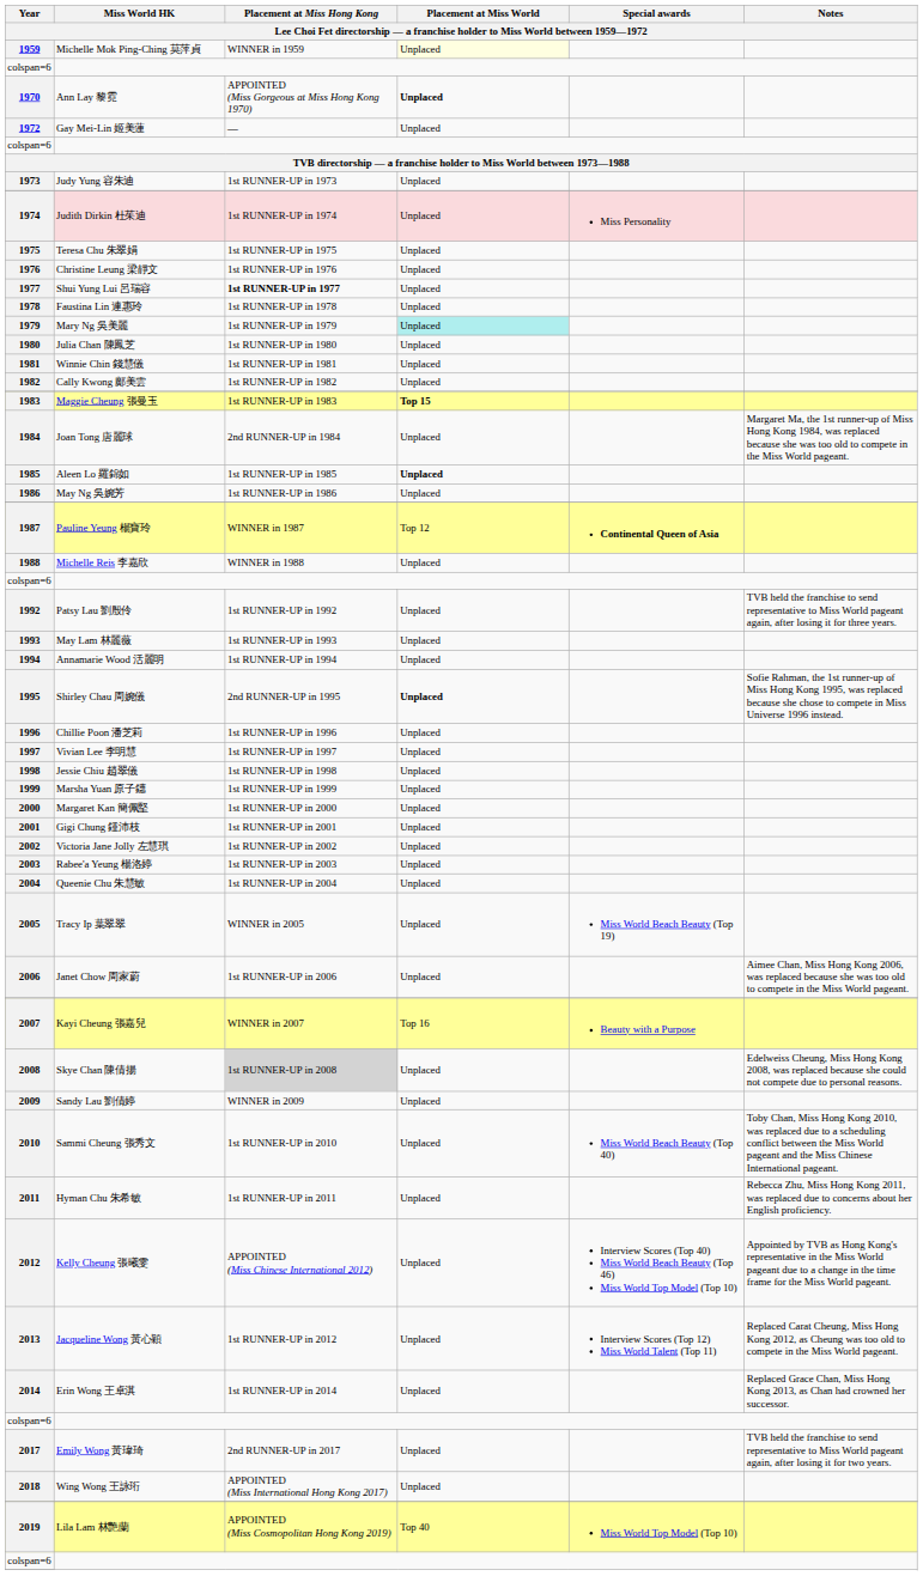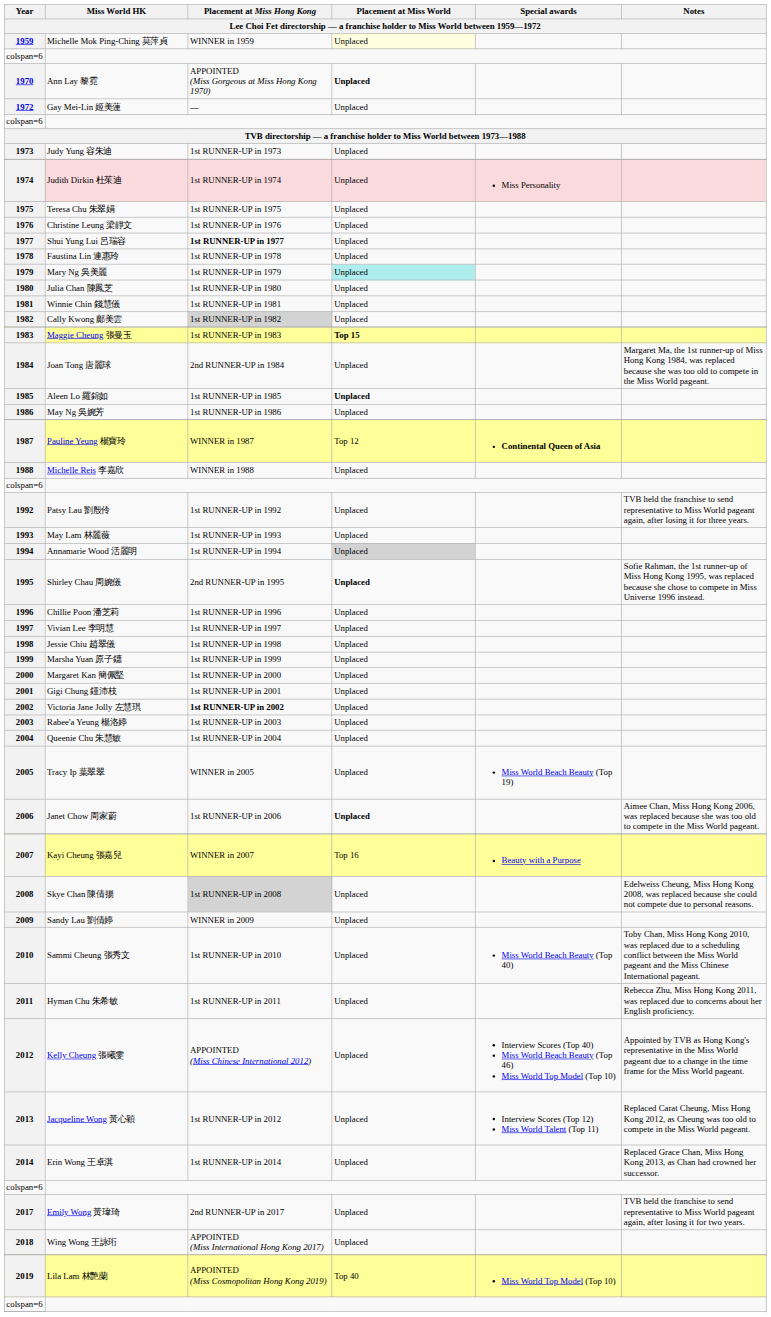 <table class="wikitable " style="font-size: 90%;">
 <tr>
 <th width="60">Year</th>
 <th width="250">Miss World HK</th>
 <th width="250">Placement at <em>Miss Hong Kong</em></th>
 <th width="250">Placement at Miss World</th>
 <th width="250">Special awards</th>
 <th width="250">Notes</th>
 </tr>
 <tr>
 <th colspan="6">Lee Choi Fet directorship — a franchise holder to Miss World between 1959―1972</th>
 </tr>
 <tr>
 <th><a href='#'>1959</a></th>
 <td>Michelle Mok Ping-Ching 莫萍貞</td>
 <td>WINNER in 1959</td>
 <td style="background: lightyellow;">Unplaced</td>
 <td></td>
 <td></td>
 </tr>
 <tr>
 <td>colspan=6 </td>
 </tr>
 <tr>
 <th><a href='#'>1970</a></th>
 <td>Ann Lay 黎霓</td>
 <td>APPOINTED<br><em>(Miss Gorgeous at Miss Hong Kong 1970)</em></td>
 <td><strong>Unplaced</strong></td>
 <td></td>
 <td></td>
 </tr>
 <tr>
 <th><a href='#'>1972</a></th>
 <td>Gay Mei-Lin 姬美蓮</td>
 <td>―</td>
 <td>Unplaced</td>
 <td></td>
 <td></td>
 </tr>
 <tr>
 <td>colspan=6 </td>
 </tr>
 <tr>
 <th colspan="6">TVB directorship — a franchise holder to Miss World between 1973―1988</th>
 </tr>
 <tr>
 <th>1973</th>
 <td>Judy Yung 容朱迪</td>
 <td>1st RUNNER-UP in 1973</td>
 <td>Unplaced</td>
 <td></td>
 <td></td>
 </tr>
 <tr>
 </tr>
 <tr style="background-color:#FADADD;">
 <th>1974</th>
 <td>Judith Dirkin 杜茱迪</td>
 <td>1st RUNNER-UP in 1974</td>
 <td>Unplaced</td>
 <td><br><ul><li>Miss Personality</li></ul></td>
 <td></td>
 </tr>
 <tr>
 <th>1975</th>
 <td>Teresa Chu 朱翠娟</td>
 <td>1st RUNNER-UP in 1975</td>
 <td>Unplaced</td>
 <td></td>
 <td></td>
 </tr>
 <tr>
 <th>1976</th>
 <td>Christine Leung 梁靜文</td>
 <td>1st RUNNER-UP in 1976</td>
 <td>Unplaced</td>
 <td></td>
 <td></td>
 </tr>
 <tr>
 <th>1977</th>
 <td>Shui Yung Lui 呂瑞容</td>
 <td><strong>1st RUNNER-UP in 1977</strong></td>
 <td>Unplaced</td>
 <td></td>
 <td></td>
 </tr>
 <tr>
 <th>1978</th>
 <td>Faustina Lin 連惠玲</td>
 <td>1st RUNNER-UP in 1978</td>
 <td>Unplaced</td>
 <td></td>
 <td></td>
 </tr>
 <tr>
 <th>1979</th>
 <td>Mary Ng 吳美麗</td>
 <td>1st RUNNER-UP in 1979</td>
 <td style="background: paleturquoise;">Unplaced</td>
 <td></td>
 <td></td>
 </tr>
 <tr>
 <th>1980</th>
 <td>Julia Chan 陳鳳芝</td>
 <td>1st RUNNER-UP in 1980</td>
 <td>Unplaced</td>
 <td></td>
 <td></td>
 </tr>
 <tr>
 <th>1981</th>
 <td>Winnie Chin 錢慧儀</td>
 <td>1st RUNNER-UP in 1981</td>
 <td>Unplaced</td>
 <td></td>
 <td></td>
 </tr>
 <tr>
 <th>1982</th>
 <td>Cally Kwong 鄺美雲</td>
-<td>1st RUNNER-UP in 1982</td>
+<td style="background: lightgrey;">1st RUNNER-UP in 1982</td>
 <td>Unplaced</td>
 <td></td>
 <td></td>
 </tr>
 <tr>
 </tr>
 <tr style="background-color:#FFFF99;">
 <th>1983</th>
 <td><a href='#'>Maggie Cheung</a> 張曼玉</td>
 <td>1st RUNNER-UP in 1983</td>
 <td><strong>Top 15</strong></td>
 <td></td>
 <td></td>
 </tr>
 <tr>
 <th>1984</th>
 <td>Joan Tong 唐麗球</td>
 <td>2nd RUNNER-UP in 1984</td>
 <td>Unplaced</td>
 <td></td>
 <td>Margaret Ma, the 1st runner-up of Miss Hong Kong 1984, was replaced because she was too old to compete in the Miss World pageant.</td>
 </tr>
 <tr>
 <th>1985</th>
 <td>Aleen Lo 羅錦如</td>
 <td>1st RUNNER-UP in 1985</td>
 <td><strong>Unplaced</strong></td>
 <td></td>
 <td></td>
 </tr>
 <tr>
 <th>1986</th>
 <td>May Ng 吳婉芳</td>
 <td>1st RUNNER-UP in 1986</td>
 <td>Unplaced</td>
 <td></td>
 <td></td>
 </tr>
 <tr>
 </tr>
 <tr style="background-color:#FFFF99;">
 <th>1987</th>
 <td><a href='#'>Pauline Yeung</a> 楊寶玲</td>
 <td>WINNER in 1987</td>
 <td>Top 12</td>
 <td><strong><br><ul><li>Continental Queen of Asia</li></ul></strong></td>
 <td></td>
 </tr>
 <tr>
 <th>1988</th>
 <td><a href='#'>Michelle Reis</a> 李嘉欣</td>
 <td>WINNER in 1988</td>
 <td>Unplaced</td>
 <td></td>
 <td></td>
 </tr>
 <tr>
 <td>colspan=6 </td>
 </tr>
 <tr>
 <th>1992</th>
 <td>Patsy Lau 劉殷伶</td>
 <td>1st RUNNER-UP in 1992</td>
 <td>Unplaced</td>
 <td></td>
 <td>TVB held the franchise to send representative to Miss World pageant again, after losing it for three years.</td>
 </tr>
 <tr>
 <th>1993</th>
 <td>May Lam 林麗薇</td>
 <td>1st RUNNER-UP in 1993</td>
 <td>Unplaced</td>
 <td></td>
 <td></td>
 </tr>
 <tr>
 <th>1994</th>
 <td>Annamarie Wood 活麗明</td>
 <td>1st RUNNER-UP in 1994</td>
-<td>Unplaced</td>
+<td style="background: lightgrey;">Unplaced</td>
 <td></td>
 <td></td>
 </tr>
 <tr>
 <th>1995</th>
 <td>Shirley Chau 周婉儀</td>
 <td>2nd RUNNER-UP in 1995</td>
 <td><strong>Unplaced</strong></td>
 <td></td>
 <td>Sofie Rahman, the 1st runner-up of Miss Hong Kong 1995, was replaced because she chose to compete in Miss Universe 1996 instead.</td>
 </tr>
 <tr>
 <th>1996</th>
 <td>Chillie Poon 潘芝莉</td>
 <td>1st RUNNER-UP in 1996</td>
 <td>Unplaced</td>
 <td></td>
 <td></td>
 </tr>
 <tr>
 <th>1997</th>
 <td>Vivian Lee 李明慧</td>
 <td>1st RUNNER-UP in 1997</td>
 <td>Unplaced</td>
 <td></td>
 <td></td>
 </tr>
 <tr>
 <th>1998</th>
 <td>Jessie Chiu 趙翠儀</td>
 <td>1st RUNNER-UP in 1998</td>
 <td>Unplaced</td>
 <td></td>
 <td></td>
 </tr>
 <tr>
 <th>1999</th>
 <td>Marsha Yuan 原子鏸</td>
 <td>1st RUNNER-UP in 1999</td>
 <td>Unplaced</td>
 <td></td>
 <td></td>
 </tr>
 <tr>
 <th>2000</th>
 <td>Margaret Kan 簡佩堅</td>
 <td>1st RUNNER-UP in 2000</td>
 <td>Unplaced</td>
 <td></td>
 <td></td>
 </tr>
 <tr>
 <th>2001</th>
 <td>Gigi Chung 鍾沛枝</td>
 <td>1st RUNNER-UP in 2001</td>
 <td>Unplaced</td>
 <td></td>
 <td></td>
 </tr>
 <tr>
 <th>2002</th>
 <td>Victoria Jane Jolly 左慧琪</td>
-<td>1st RUNNER-UP in 2002</td>
+<td><strong>1st RUNNER-UP in 2002</strong></td>
 <td>Unplaced</td>
 <td></td>
 <td></td>
 </tr>
 <tr>
 <th>2003</th>
 <td>Rabee'a Yeung 楊洛婷</td>
 <td>1st RUNNER-UP in 2003</td>
 <td>Unplaced</td>
 <td></td>
 <td></td>
 </tr>
 <tr>
 <th>2004</th>
 <td>Queenie Chu 朱慧敏</td>
 <td>1st RUNNER-UP in 2004</td>
 <td>Unplaced</td>
 <td></td>
 <td></td>
 </tr>
 <tr>
 <th>2005</th>
 <td>Tracy Ip 葉翠翠</td>
 <td>WINNER in 2005</td>
 <td>Unplaced</td>
 <td><br><ul><li><a href='#'>Miss World Beach Beauty</a> (Top 19)</li></ul></td>
 <td></td>
 </tr>
 <tr>
 <th>2006</th>
 <td>Janet Chow 周家蔚</td>
 <td>1st RUNNER-UP in 2006</td>
-<td>Unplaced</td>
+<td><strong>Unplaced</strong></td>
 <td></td>
 <td>Aimee Chan, Miss Hong Kong 2006, was replaced because she was too old to compete in the Miss World pageant.</td>
 </tr>
 <tr>
 </tr>
 <tr style="background-color:#FFFF99;">
 <th>2007</th>
 <td>Kayi Cheung 張嘉兒</td>
 <td>WINNER in 2007</td>
 <td>Top 16</td>
 <td><br><ul><li><a href='#'>Beauty with a Purpose</a></li></ul></td>
 <td></td>
 </tr>
 <tr>
 <th>2008</th>
 <td>Skye Chan 陳倩揚</td>
 <td style="background: lightgrey;">1st RUNNER-UP in 2008</td>
 <td>Unplaced</td>
 <td></td>
 <td>Edelweiss Cheung, Miss Hong Kong 2008, was replaced because she could not compete due to personal reasons.</td>
 </tr>
 <tr>
 <th>2009</th>
 <td>Sandy Lau 劉倩婷</td>
 <td>WINNER in 2009</td>
 <td>Unplaced</td>
 <td></td>
 <td></td>
 </tr>
 <tr>
 <th>2010</th>
 <td>Sammi Cheung 張秀文</td>
 <td>1st RUNNER-UP in 2010</td>
 <td>Unplaced</td>
 <td><br><ul><li><a href='#'>Miss World Beach Beauty</a> (Top 40)</li></ul></td>
 <td>Toby Chan, Miss Hong Kong 2010, was replaced due to a scheduling conflict between the Miss World pageant and the Miss Chinese International pageant.</td>
 </tr>
 <tr>
 <th>2011</th>
 <td>Hyman Chu 朱希敏</td>
 <td>1st RUNNER-UP in 2011</td>
 <td>Unplaced</td>
 <td></td>
 <td>Rebecca Zhu, Miss Hong Kong 2011, was replaced due to concerns about her English proficiency.</td>
 </tr>
 <tr>
 <th>2012</th>
 <td><a href='#'>Kelly Cheung</a> 張曦雯</td>
 <td>APPOINTED<br><em>(<a href='#'>Miss Chinese International 2012</a>)</em></td>
 <td>Unplaced</td>
 <td><br><ul><li>Interview Scores (Top 40)</li><li><a href='#'>Miss World Beach Beauty</a> (Top 46)</li><li><a href='#'>Miss World Top Model</a> (Top 10)</li></ul></td>
 <td>Appointed by TVB as Hong Kong's representative in the Miss World pageant due to a change in the time frame for the Miss World pageant.</td>
 </tr>
 <tr>
 <th>2013</th>
 <td><a href='#'>Jacqueline Wong</a> 黃心穎</td>
 <td>1st RUNNER-UP in 2012</td>
 <td>Unplaced</td>
 <td><br><ul><li>Interview Scores (Top 12)</li><li><a href='#'>Miss World Talent</a> (Top 11)</li></ul></td>
 <td>Replaced Carat Cheung, Miss Hong Kong 2012, as Cheung was too old to compete in the Miss World pageant.</td>
 </tr>
 <tr>
 <th>2014</th>
 <td>Erin Wong 王卓淇</td>
 <td>1st RUNNER-UP in 2014</td>
 <td>Unplaced</td>
 <td></td>
 <td>Replaced Grace Chan, Miss Hong Kong 2013, as Chan had crowned her successor.</td>
 </tr>
 <tr>
 <td>colspan=6 </td>
 </tr>
 <tr>
 <th>2017</th>
 <td><a href='#'>Emily Wong</a> 黃瑋琦</td>
 <td>2nd RUNNER-UP in 2017</td>
 <td>Unplaced</td>
 <td></td>
 <td>TVB held the franchise to send representative to Miss World pageant again, after losing it for two years.</td>
 </tr>
 <tr>
 <th>2018</th>
 <td>Wing Wong 王詠珩</td>
 <td>APPOINTED<br><em>(Miss International Hong Kong 2017)</em></td>
 <td>Unplaced</td>
 <td></td>
 <td></td>
 </tr>
 <tr>
 </tr>
 <tr style="background-color:#FFFF99;">
 <th>2019</th>
 <td>Lila Lam 林艷蘭</td>
 <td>APPOINTED<br><em>(Miss Cosmopolitan Hong Kong 2019)</em></td>
 <td>Top 40</td>
 <td><br><ul><li><a href='#'>Miss World Top Model</a> (Top 10)</li></ul></td>
 <td></td>
 </tr>
 <tr>
 <td>colspan=6 </td>
 </tr>
 <tr>
 </tr>
 </table>
